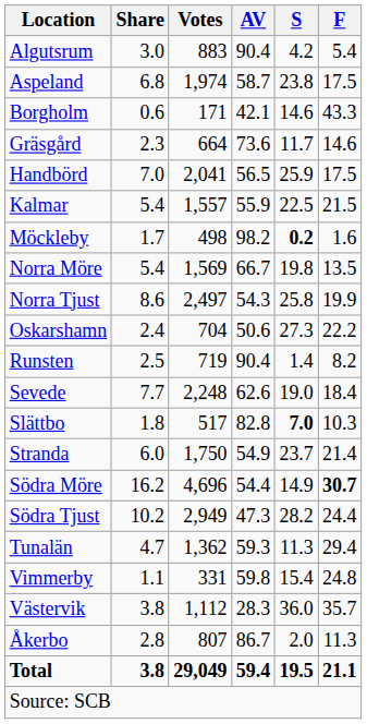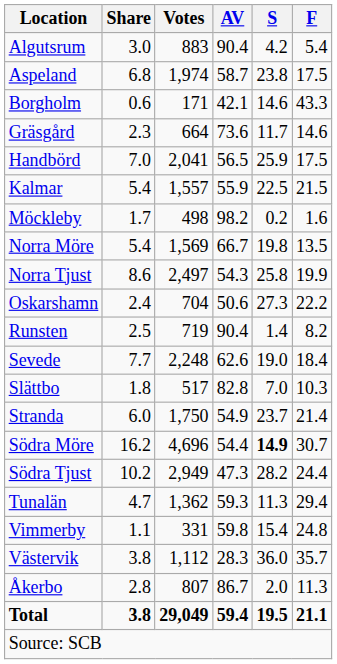 <table class="wikitable sortable" style=text-align:right>
 <tr>
 <th>Location</th>
 <th>Share</th>
 <th>Votes</th>
 <th><a href='#'>AV</a></th>
 <th><a href='#'>S</a></th>
 <th><a href='#'>F</a></th>
 </tr>
 <tr>
 <td align=left><a href='#'>Algutsrum</a></td>
 <td>3.0</td>
 <td>883</td>
 <td>90.4</td>
 <td>4.2</td>
 <td>5.4</td>
 </tr>
 <tr>
 <td align=left><a href='#'>Aspeland</a></td>
 <td>6.8</td>
 <td>1,974</td>
 <td>58.7</td>
 <td>23.8</td>
 <td>17.5</td>
 </tr>
 <tr>
 <td align=left><a href='#'>Borgholm</a></td>
 <td>0.6</td>
 <td>171</td>
 <td>42.1</td>
 <td>14.6</td>
 <td>43.3</td>
 </tr>
 <tr>
 <td align=left><a href='#'>Gräsgård</a></td>
 <td>2.3</td>
 <td>664</td>
 <td>73.6</td>
 <td>11.7</td>
 <td>14.6</td>
 </tr>
 <tr>
 <td align=left><a href='#'>Handbörd</a></td>
 <td>7.0</td>
 <td>2,041</td>
 <td>56.5</td>
 <td>25.9</td>
 <td>17.5</td>
 </tr>
 <tr>
 <td align=left><a href='#'>Kalmar</a></td>
 <td>5.4</td>
 <td>1,557</td>
 <td>55.9</td>
 <td>22.5</td>
 <td>21.5</td>
 </tr>
 <tr>
 <td align=left><a href='#'>Möckleby</a></td>
 <td>1.7</td>
 <td>498</td>
 <td>98.2</td>
-<td><strong>0.2</strong></td>
+<td>0.2</td>
 <td>1.6</td>
 </tr>
 <tr>
 <td align=left><a href='#'>Norra Möre</a></td>
 <td>5.4</td>
 <td>1,569</td>
 <td>66.7</td>
 <td>19.8</td>
 <td>13.5</td>
 </tr>
 <tr>
 <td align=left><a href='#'>Norra Tjust</a></td>
 <td>8.6</td>
 <td>2,497</td>
 <td>54.3</td>
 <td>25.8</td>
 <td>19.9</td>
 </tr>
 <tr>
 <td align=left><a href='#'>Oskarshamn</a></td>
 <td>2.4</td>
 <td>704</td>
 <td>50.6</td>
 <td>27.3</td>
 <td>22.2</td>
 </tr>
 <tr>
 <td align=left><a href='#'>Runsten</a></td>
 <td>2.5</td>
 <td>719</td>
 <td>90.4</td>
 <td>1.4</td>
 <td>8.2</td>
 </tr>
 <tr>
 <td align=left><a href='#'>Sevede</a></td>
 <td>7.7</td>
 <td>2,248</td>
 <td>62.6</td>
 <td>19.0</td>
 <td>18.4</td>
 </tr>
 <tr>
 <td align=left><a href='#'>Slättbo</a></td>
 <td>1.8</td>
 <td>517</td>
 <td>82.8</td>
-<td><strong>7.0</strong></td>
+<td>7.0</td>
 <td>10.3</td>
 </tr>
 <tr>
 <td align=left><a href='#'>Stranda</a></td>
 <td>6.0</td>
 <td>1,750</td>
 <td>54.9</td>
 <td>23.7</td>
 <td>21.4</td>
 </tr>
 <tr>
 <td align=left><a href='#'>Södra Möre</a></td>
 <td>16.2</td>
 <td>4,696</td>
 <td>54.4</td>
-<td>14.9</td>
-<td><strong>30.7</strong></td>
+<td><strong>14.9</strong></td>
+<td>30.7</td>
 </tr>
 <tr>
 <td align=left><a href='#'>Södra Tjust</a></td>
 <td>10.2</td>
 <td>2,949</td>
 <td>47.3</td>
 <td>28.2</td>
 <td>24.4</td>
 </tr>
 <tr>
 <td align=left><a href='#'>Tunalän</a></td>
 <td>4.7</td>
 <td>1,362</td>
 <td>59.3</td>
 <td>11.3</td>
 <td>29.4</td>
 </tr>
 <tr>
 <td align=left><a href='#'>Vimmerby</a></td>
 <td>1.1</td>
 <td>331</td>
 <td>59.8</td>
 <td>15.4</td>
 <td>24.8</td>
 </tr>
 <tr>
 <td align=left><a href='#'>Västervik</a></td>
 <td>3.8</td>
 <td>1,112</td>
 <td>28.3</td>
 <td>36.0</td>
 <td>35.7</td>
 </tr>
 <tr>
 <td align=left><a href='#'>Åkerbo</a></td>
 <td>2.8</td>
 <td>807</td>
 <td>86.7</td>
 <td>2.0</td>
 <td>11.3</td>
 </tr>
 <tr>
 <td align=left><strong>Total</strong></td>
 <td><strong>3.8</strong></td>
 <td><strong>29,049</strong></td>
 <td><strong>59.4</strong></td>
 <td><strong>19.5</strong></td>
 <td><strong>21.1</strong></td>
 </tr>
 <tr>
 <td align=left colspan=6>Source: SCB </td>
 </tr>
 </table>
